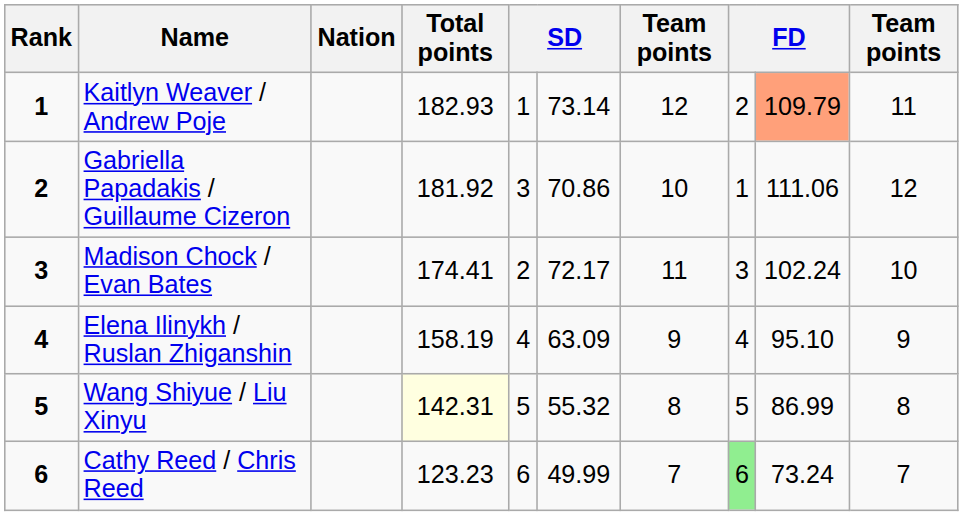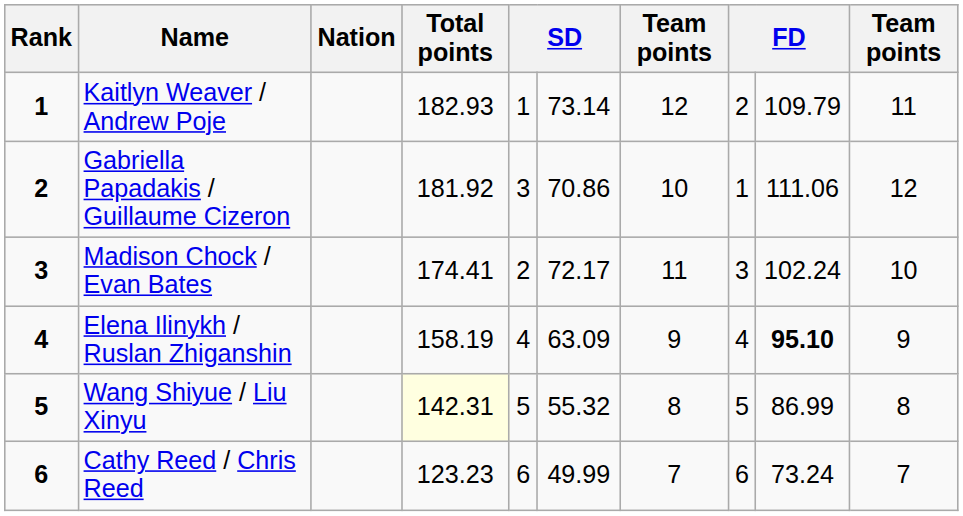 <table class="wikitable sortable">
 <tr>
 <th>Rank</th>
 <th>Name</th>
 <th>Nation</th>
 <th>Total points</th>
 <th colspan="2" width="80px"><a href='#'>SD</a></th>
 <th>Team points</th>
 <th colspan="2" width="80px"><a href='#'>FD</a></th>
 <th>Team points</th>
 </tr>
 <tr>
 <td style="text-align: center;"><strong>1</strong></td>
 <td><a href='#'>Kaitlyn Weaver</a> / <a href='#'>Andrew Poje</a></td>
 <td></td>
 <td style="text-align: center;">182.93</td>
 <td style="text-align: center;">1</td>
 <td style="text-align: center;">73.14</td>
 <td style="text-align: center;">12</td>
 <td style="text-align: center;">2</td>
-<td style="background: lightsalmon; text-align: center;">109.79</td>
+<td style="text-align: center;">109.79</td>
 <td style="text-align: center;">11</td>
 </tr>
 <tr>
 <td style="text-align: center;"><strong>2</strong></td>
 <td><a href='#'>Gabriella Papadakis</a> / <a href='#'>Guillaume Cizeron</a></td>
 <td></td>
 <td style="text-align: center;">181.92</td>
 <td style="text-align: center;">3</td>
 <td style="text-align: center;">70.86</td>
 <td style="text-align: center;">10</td>
 <td style="text-align: center;">1</td>
 <td style="text-align: center;">111.06</td>
 <td style="text-align: center;">12</td>
 </tr>
 <tr>
 <td style="text-align: center;"><strong>3</strong></td>
 <td><a href='#'>Madison Chock</a> / <a href='#'>Evan Bates</a></td>
 <td></td>
 <td style="text-align: center;">174.41</td>
 <td style="text-align: center;">2</td>
 <td style="text-align: center;">72.17</td>
 <td style="text-align: center;">11</td>
 <td style="text-align: center;">3</td>
 <td style="text-align: center;">102.24</td>
 <td style="text-align: center;">10</td>
 </tr>
 <tr>
 <td style="text-align: center;"><strong>4</strong></td>
 <td><a href='#'>Elena Ilinykh</a> / <a href='#'>Ruslan Zhiganshin</a></td>
 <td></td>
 <td style="text-align: center;">158.19</td>
 <td style="text-align: center;">4</td>
 <td style="text-align: center;">63.09</td>
 <td style="text-align: center;">9</td>
 <td style="text-align: center;">4</td>
-<td style="text-align: center;">95.10</td>
+<td style="text-align: center;"><strong>95.10</strong></td>
 <td style="text-align: center;">9</td>
 </tr>
 <tr>
 <td style="text-align: center;"><strong>5</strong></td>
 <td><a href='#'>Wang Shiyue</a> / <a href='#'>Liu Xinyu</a></td>
 <td></td>
 <td style="background: lightyellow; text-align: center;">142.31</td>
 <td style="text-align: center;">5</td>
 <td style="text-align: center;">55.32</td>
 <td style="text-align: center;">8</td>
 <td style="text-align: center;">5</td>
 <td style="text-align: center;">86.99</td>
 <td style="text-align: center;">8</td>
 </tr>
 <tr>
 <td style="text-align: center;"><strong>6</strong></td>
 <td><a href='#'>Cathy Reed</a> / <a href='#'>Chris Reed</a></td>
 <td></td>
 <td style="text-align: center;">123.23</td>
 <td style="text-align: center;">6</td>
 <td style="text-align: center;">49.99</td>
 <td style="text-align: center;">7</td>
-<td style="background: lightgreen; text-align: center;">6</td>
+<td style="text-align: center;">6</td>
 <td style="text-align: center;">73.24</td>
 <td style="text-align: center;">7</td>
 </tr>
 </table>
